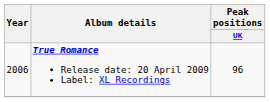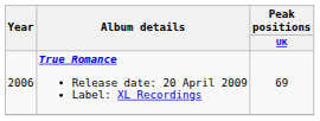 <table class="wikitable" style="text-align:center;">
 <tr>
 <th rowspan="2">Year</th>
 <th rowspan="2">Album details</th>
 <th colspan="1">Peak positions</th>
 </tr>
 <tr style="font-size:smaller;">
 <th width="40"><a href='#'>UK</a></th>
 </tr>
 <tr>
 <td>2006</td>
 <td align="left"><strong><em><a href='#'>True Romance</a></em></strong><br><ul><li>Release date: 20 April 2009</li><li>Label: <a href='#'>XL Recordings</a></li></ul></td>
-<td>96</td>
+<td>69</td>
 </tr>
 <tr>
 </tr>
 </table>
